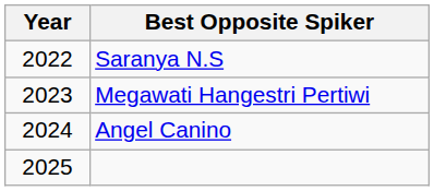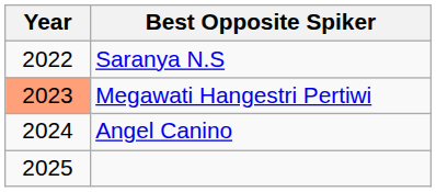 <table class="wikitable" style="width:300px;">
 <tr>
 <th width=20%>Year</th>
 <th width=80%>Best Opposite Spiker</th>
 </tr>
 <tr>
 <td align=center>2022</td>
 <td> <a href='#'>Saranya N.S</a></td>
 </tr>
 <tr>
-<td align=center>2023</td>
+<td align=center style="background: lightsalmon;">2023</td>
 <td> <a href='#'>Megawati Hangestri Pertiwi</a></td>
 </tr>
 <tr>
 <td align=center>2024</td>
 <td> <a href='#'>Angel Canino</a></td>
 </tr>
 <tr>
 <td align=center>2025</td>
 <td></td>
 </tr>
 </table>
